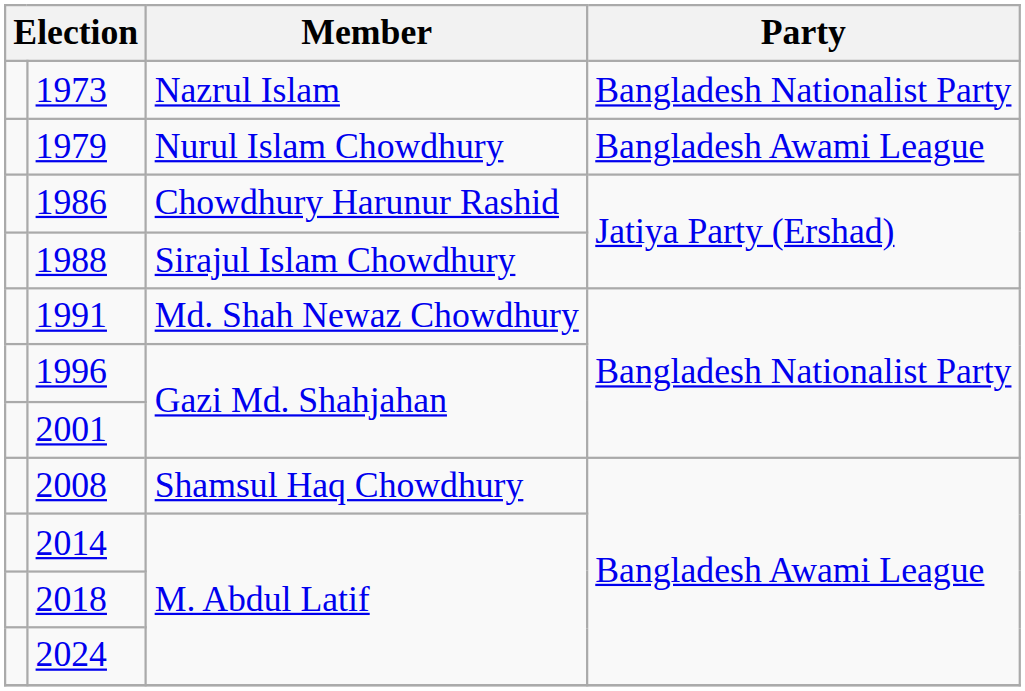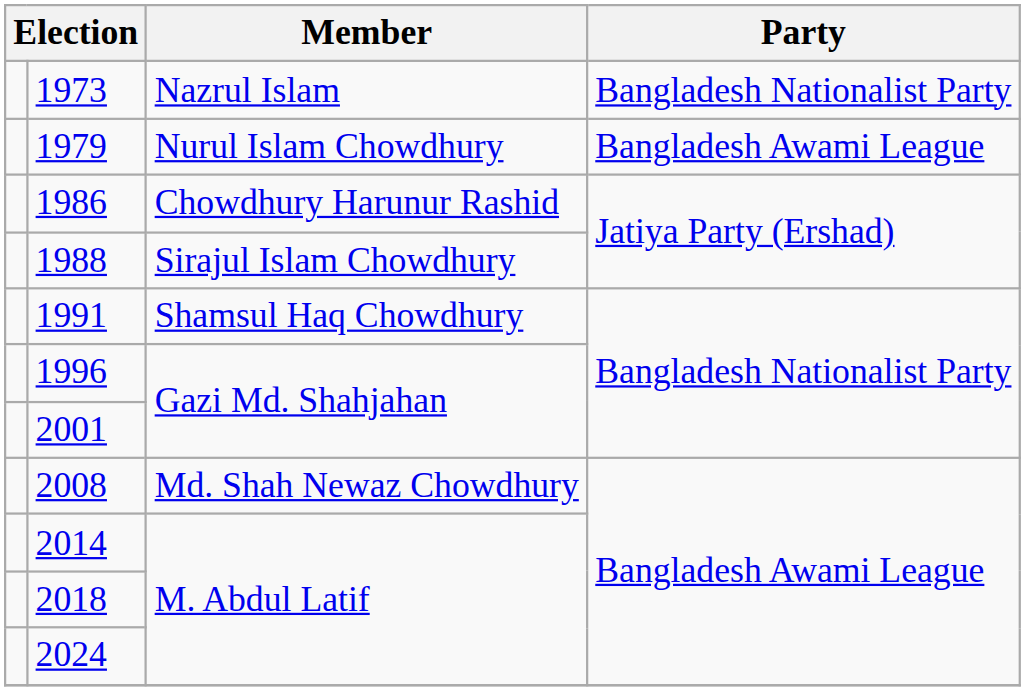 <table class="wikitable">
 <tr>
 <th colspan="2">Election</th>
 <th>Member</th>
 <th>Party</th>
 </tr>
 <tr>
 <td style="background-color:"></td>
 <td><a href='#'>1973</a></td>
 <td><a href='#'>Nazrul Islam</a></td>
 <td><a href='#'>Bangladesh Nationalist Party</a></td>
 </tr>
 <tr>
 <td style="background-color:"></td>
 <td><a href='#'>1979</a></td>
 <td><a href='#'>Nurul Islam Chowdhury</a></td>
 <td><a href='#'>Bangladesh Awami League</a></td>
 </tr>
 <tr>
 <td style="background-color:"></td>
 <td><a href='#'>1986</a></td>
 <td><a href='#'>Chowdhury Harunur Rashid</a></td>
 <td rowspan="2"><a href='#'>Jatiya Party (Ershad)</a></td>
 </tr>
 <tr>
 <td style="background-color:"></td>
 <td><a href='#'>1988</a></td>
 <td><a href='#'>Sirajul Islam Chowdhury</a></td>
 </tr>
 <tr>
 <td style="background-color:"></td>
 <td><a href='#'>1991</a></td>
-<td><a href='#'>Md. Shah Newaz Chowdhury</a></td>
+<td><a href='#'>Shamsul Haq Chowdhury</a></td>
 <td rowspan="3"><a href='#'>Bangladesh Nationalist Party</a></td>
 </tr>
 <tr>
 <td style="background-color:"></td>
 <td><a href='#'>1996</a></td>
 <td rowspan="2"><a href='#'>Gazi Md. Shahjahan</a></td>
 </tr>
 <tr>
 <td style="background-color:"></td>
 <td><a href='#'>2001</a></td>
 </tr>
 <tr>
 <td style="background-color:"></td>
 <td><a href='#'>2008</a></td>
-<td><a href='#'>Shamsul Haq Chowdhury</a></td>
+<td><a href='#'>Md. Shah Newaz Chowdhury</a></td>
 <td rowspan="4"><a href='#'>Bangladesh Awami League</a></td>
 </tr>
 <tr>
 <td style="background-color:"></td>
 <td><a href='#'>2014</a></td>
 <td rowspan="3"><a href='#'>M. Abdul Latif</a></td>
 </tr>
 <tr>
 <td style="background-color:"></td>
 <td><a href='#'>2018</a></td>
 </tr>
 <tr>
 <td style="background-color:"></td>
 <td><a href='#'>2024</a></td>
 </tr>
 <tr>
 </tr>
 </table>
